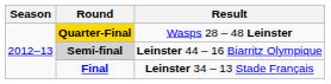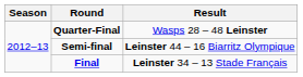 <table class="wikitable collapsible collapsed" style="text-align:center;">
 <tr>
 <th>Season</th>
 <th>Round</th>
 <th>Result</th>
 </tr>
 <tr>
 <td rowspan="3"><a href='#'>2012–13</a></td>
-<td style="background: gold;"><strong>Quarter-Final</strong></td>
+<td><strong>Quarter-Final</strong></td>
 <td colspan="8"><a href='#'>Wasps</a> 28 – 48 <strong>Leinster</strong></td>
 </tr>
 <tr>
-<td style="background: lightgrey;"><strong>Semi-final</strong></td>
+<td><strong>Semi-final</strong></td>
 <td colspan="8"><strong>Leinster</strong> 44 – 16 <a href='#'>Biarritz Olympique</a></td>
 </tr>
 <tr>
 <td><strong><a href='#'>Final</a></strong></td>
 <td colspan="8"><strong>Leinster</strong> 34 – 13 <a href='#'>Stade Français</a></td>
 </tr>
 </table>
